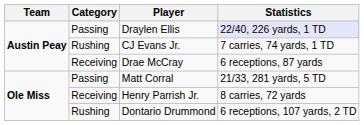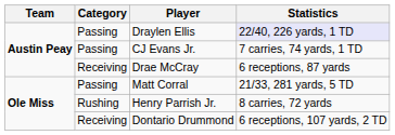 <table class="wikitable" style="float: right;">
 <tr>
 <th>Team</th>
 <th>Category</th>
 <th>Player</th>
 <th>Statistics</th>
 </tr>
 <tr>
 <td rowspan=3><strong>Austin Peay</strong></td>
 <td>Passing</td>
 <td>Draylen Ellis</td>
 <td style="background: lavender;">22/40, 226 yards, 1 TD</td>
 </tr>
 <tr>
-<td>Rushing</td>
+<td>Passing</td>
 <td>CJ Evans Jr.</td>
 <td>7 carries, 74 yards, 1 TD</td>
 </tr>
 <tr>
 <td>Receiving</td>
 <td>Drae McCray</td>
 <td>6 receptions, 87 yards</td>
 </tr>
 <tr>
 <td rowspan=3><strong>Ole Miss</strong></td>
 <td>Passing</td>
 <td>Matt Corral</td>
 <td>21/33, 281 yards, 5 TD</td>
 </tr>
 <tr>
-<td>Receiving</td>
+<td>Rushing</td>
 <td>Henry Parrish Jr.</td>
 <td>8 carries, 72 yards</td>
 </tr>
 <tr>
-<td>Rushing</td>
+<td>Receiving</td>
 <td>Dontario Drummond</td>
 <td>6 receptions, 107 yards, 2 TD</td>
 </tr>
 </table>
